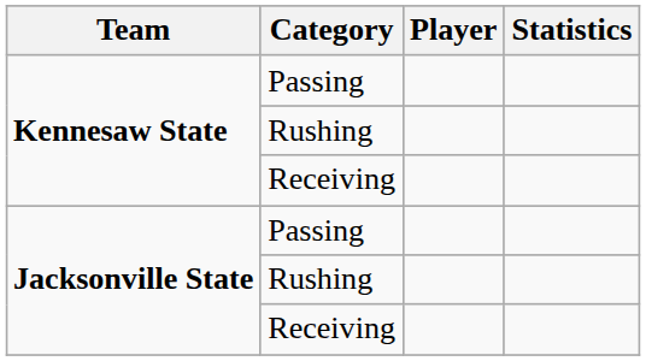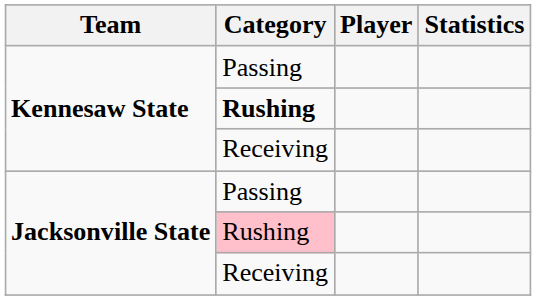 <table class="wikitable" style="float: right;">
 <tr>
 <th>Team</th>
 <th>Category</th>
 <th>Player</th>
 <th>Statistics</th>
 </tr>
 <tr>
 <td rowspan=3><strong>Kennesaw State</strong></td>
 <td>Passing</td>
 <td></td>
 <td></td>
 </tr>
 <tr>
-<td>Rushing</td>
+<td><strong>Rushing</strong></td>
 <td></td>
 <td></td>
 </tr>
 <tr>
 <td>Receiving</td>
 <td></td>
 <td></td>
 </tr>
 <tr>
 <td rowspan=3><strong>Jacksonville State</strong></td>
 <td>Passing</td>
 <td></td>
 <td></td>
 </tr>
 <tr>
-<td>Rushing</td>
+<td style="background: pink;">Rushing</td>
 <td></td>
 <td></td>
 </tr>
 <tr>
 <td>Receiving</td>
 <td></td>
 <td></td>
 </tr>
 </table>
